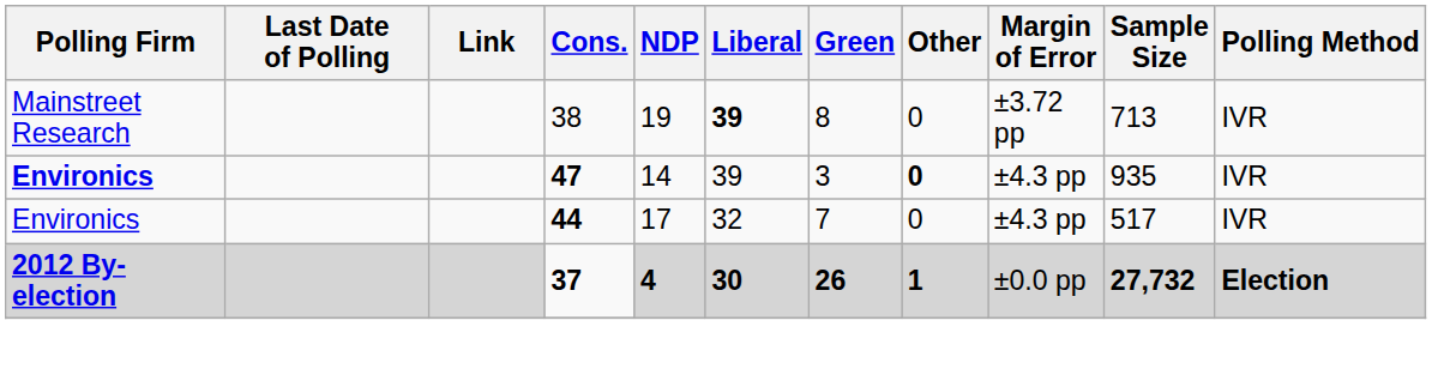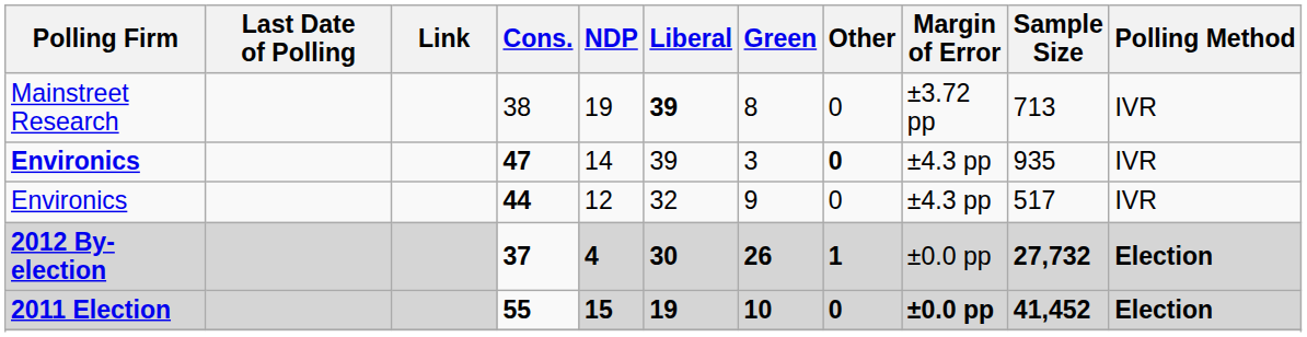 <table class="wikitable sortable">
 <tr style="background:#e9e9e9;">
 <th style="width:120px">Polling Firm</th>
 <th style="width:110px">Last Date<br>of Polling</th>
 <th style="width:60px" class="unsortable">Link</th>
 <th style="background-color:"><strong><a href='#'>Cons.</a></strong></th>
 <th style="background-color:"><strong><a href='#'>NDP</a></strong></th>
 <th style="background-color:"><strong><a href='#'>Liberal</a></strong></th>
 <th style="background-color:"><strong><a href='#'>Green</a></strong></th>
 <th style="background-color:"><strong>Other</strong></th>
 <th style="width:60px;" class=unsortable>Margin<br>of Error</th>
 <th style="width:50px;" class=unsortable>Sample<br>Size</th>
 <th class=unsortable>Polling Method</th>
 </tr>
 <tr>
 <td><a href='#'>Mainstreet Research</a></td>
 <td></td>
 <td></td>
 <td>38</td>
 <td>19</td>
 <td><strong>39</strong></td>
 <td>8</td>
 <td>0</td>
 <td>±3.72 pp</td>
 <td>713</td>
 <td>IVR</td>
 </tr>
 <tr>
 <td><strong><a href='#'>Environics</a></strong></td>
 <td></td>
 <td></td>
 <td><strong>47</strong></td>
 <td>14</td>
 <td>39</td>
 <td>3</td>
 <td><strong>0</strong></td>
 <td>±4.3 pp</td>
 <td>935</td>
 <td>IVR</td>
 </tr>
 <tr>
 <td><a href='#'>Environics</a></td>
 <td></td>
 <td></td>
 <td><strong>44</strong></td>
-<td>17</td>
+<td>12</td>
 <td>32</td>
-<td>7</td>
+<td>9</td>
 <td>0</td>
 <td>±4.3 pp</td>
 <td>517</td>
 <td>IVR</td>
 </tr>
 <tr>
 <td style="background:#D5D5D5"><strong><a href='#'>2012 By-election</a></strong></td>
 <td style="background:#D5D5D5"><strong></strong></td>
 <td style="background:#D5D5D5"></td>
 <td><strong>37</strong></td>
 <td style="background:#D5D5D5"><strong>4</strong></td>
 <td style="background:#D5D5D5"><strong>30</strong></td>
 <td style="background:#D5D5D5"><strong>26</strong></td>
 <td style="background:#D5D5D5"><strong>1</strong></td>
 <td style="background:#D5D5D5">±0.0 pp</td>
 <td style="background:#D5D5D5"><strong>27,732</strong></td>
 <td style="background:#D5D5D5"><strong>Election</strong></td>
 </tr>
 <tr>
+<td style="background:#D5D5D5"><strong><a href='#'>2011 Election</a></strong></td>
+<td style="background:#D5D5D5"><strong></strong></td>
+<td style="background:#D5D5D5"></td>
+<td><strong>55</strong></td>
+<td style="background:#D5D5D5"><strong>15</strong></td>
+<td style="background:#D5D5D5"><strong>19</strong></td>
+<td style="background:#D5D5D5"><strong>10</strong></td>
+<td style="background:#D5D5D5"><strong>0</strong></td>
+<td style="background:#D5D5D5"><strong>±0.0 pp</strong></td>
+<td style="background:#D5D5D5"><strong>41,452</strong></td>
+<td style="background:#D5D5D5"><strong>Election</strong></td>
+</tr>
+<tr>
 </tr>
 <tr>
 </tr>
 </table>
